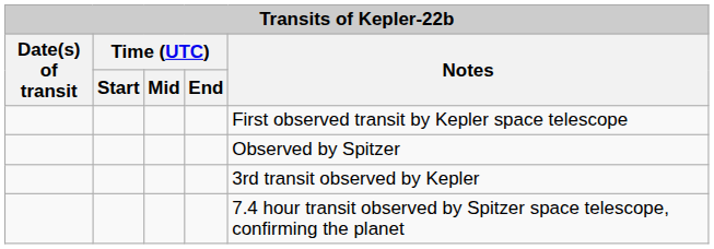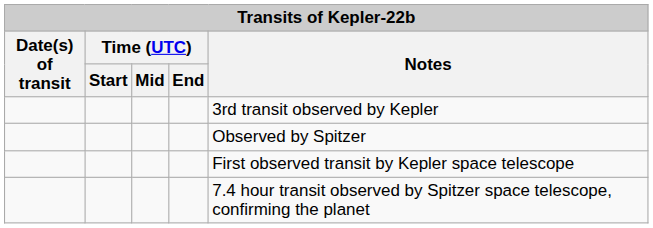 <table class="wikitable">
 <tr>
 <th colspan="6" style="background: #ccc;">Transits of Kepler-22b</th>
 </tr>
 <tr>
 <th rowspan="2">Date(s) of<br>transit</th>
 <th colspan="3">Time (<a href='#'>UTC</a>)</th>
 <th rowspan="2">Notes</th>
 </tr>
 <tr>
 <th>Start</th>
 <th>Mid</th>
 <th>End</th>
 </tr>
 <tr>
 <td></td>
 <td></td>
 <td></td>
 <td></td>
-<td>First observed transit by Kepler space telescope</td>
+<td>3rd transit observed by Kepler</td>
 </tr>
 <tr>
 <td></td>
 <td></td>
 <td></td>
 <td></td>
 <td>Observed by Spitzer</td>
 </tr>
 <tr>
 <td></td>
 <td></td>
 <td></td>
 <td></td>
-<td>3rd transit observed by Kepler</td>
+<td>First observed transit by Kepler space telescope</td>
 </tr>
 <tr>
 <td></td>
 <td></td>
 <td></td>
 <td></td>
 <td>7.4 hour transit observed by Spitzer space telescope, confirming the planet</td>
 </tr>
 </table>
